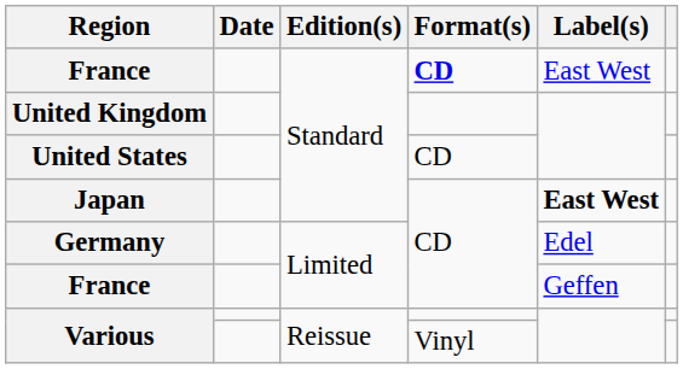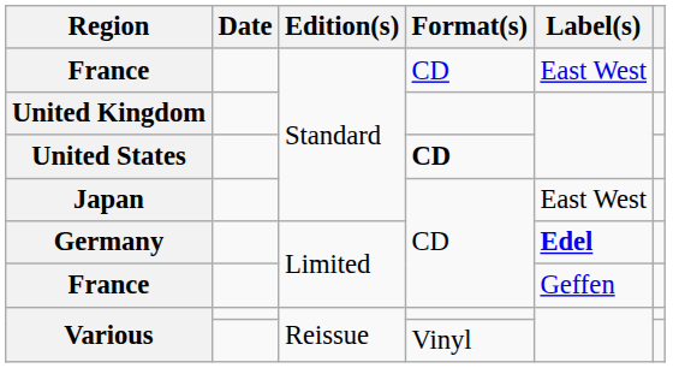 <table class="wikitable plainrowheaders">
 <tr>
 <th scope="col">Region</th>
 <th scope="col">Date</th>
 <th scope="col">Edition(s)</th>
 <th scope="col">Format(s)</th>
 <th scope="col">Label(s)</th>
 <th scope="col"></th>
 </tr>
 <tr>
 <th scope="row">France</th>
 <td></td>
 <td rowspan="4">Standard</td>
-<td><strong><a href='#'>CD</a></strong></td>
+<td><a href='#'>CD</a></td>
 <td><a href='#'>East West</a></td>
 <td align="center"></td>
 </tr>
 <tr>
 <th scope="row">United Kingdom</th>
 <td></td>
 <td></td>
 <td rowspan="2"></td>
 <td align="center"></td>
 </tr>
 <tr>
 <th scope="row">United States</th>
 <td></td>
-<td>CD</td>
+<td><strong>CD</strong></td>
 <td align="center"></td>
 </tr>
 <tr>
 <th scope="row">Japan</th>
 <td></td>
 <td rowspan="3">CD</td>
-<td><strong>East West</strong></td>
+<td>East West</td>
 <td align="center"></td>
 </tr>
 <tr>
 <th scope="row">Germany</th>
 <td></td>
 <td rowspan="2">Limited</td>
-<td><a href='#'>Edel</a></td>
+<td><strong><a href='#'>Edel</a></strong></td>
 <td align="center"></td>
 </tr>
 <tr>
 <th scope="row">France</th>
 <td></td>
 <td><a href='#'>Geffen</a></td>
 <td align="center"></td>
 </tr>
 <tr>
 <th scope="row" rowspan="2">Various</th>
 <td></td>
 <td rowspan="2">Reissue</td>
 <td></td>
 <td rowspan="2"></td>
 <td align="center"></td>
 </tr>
 <tr>
 <td></td>
 <td>Vinyl</td>
 <td align="center"></td>
 </tr>
 </table>
